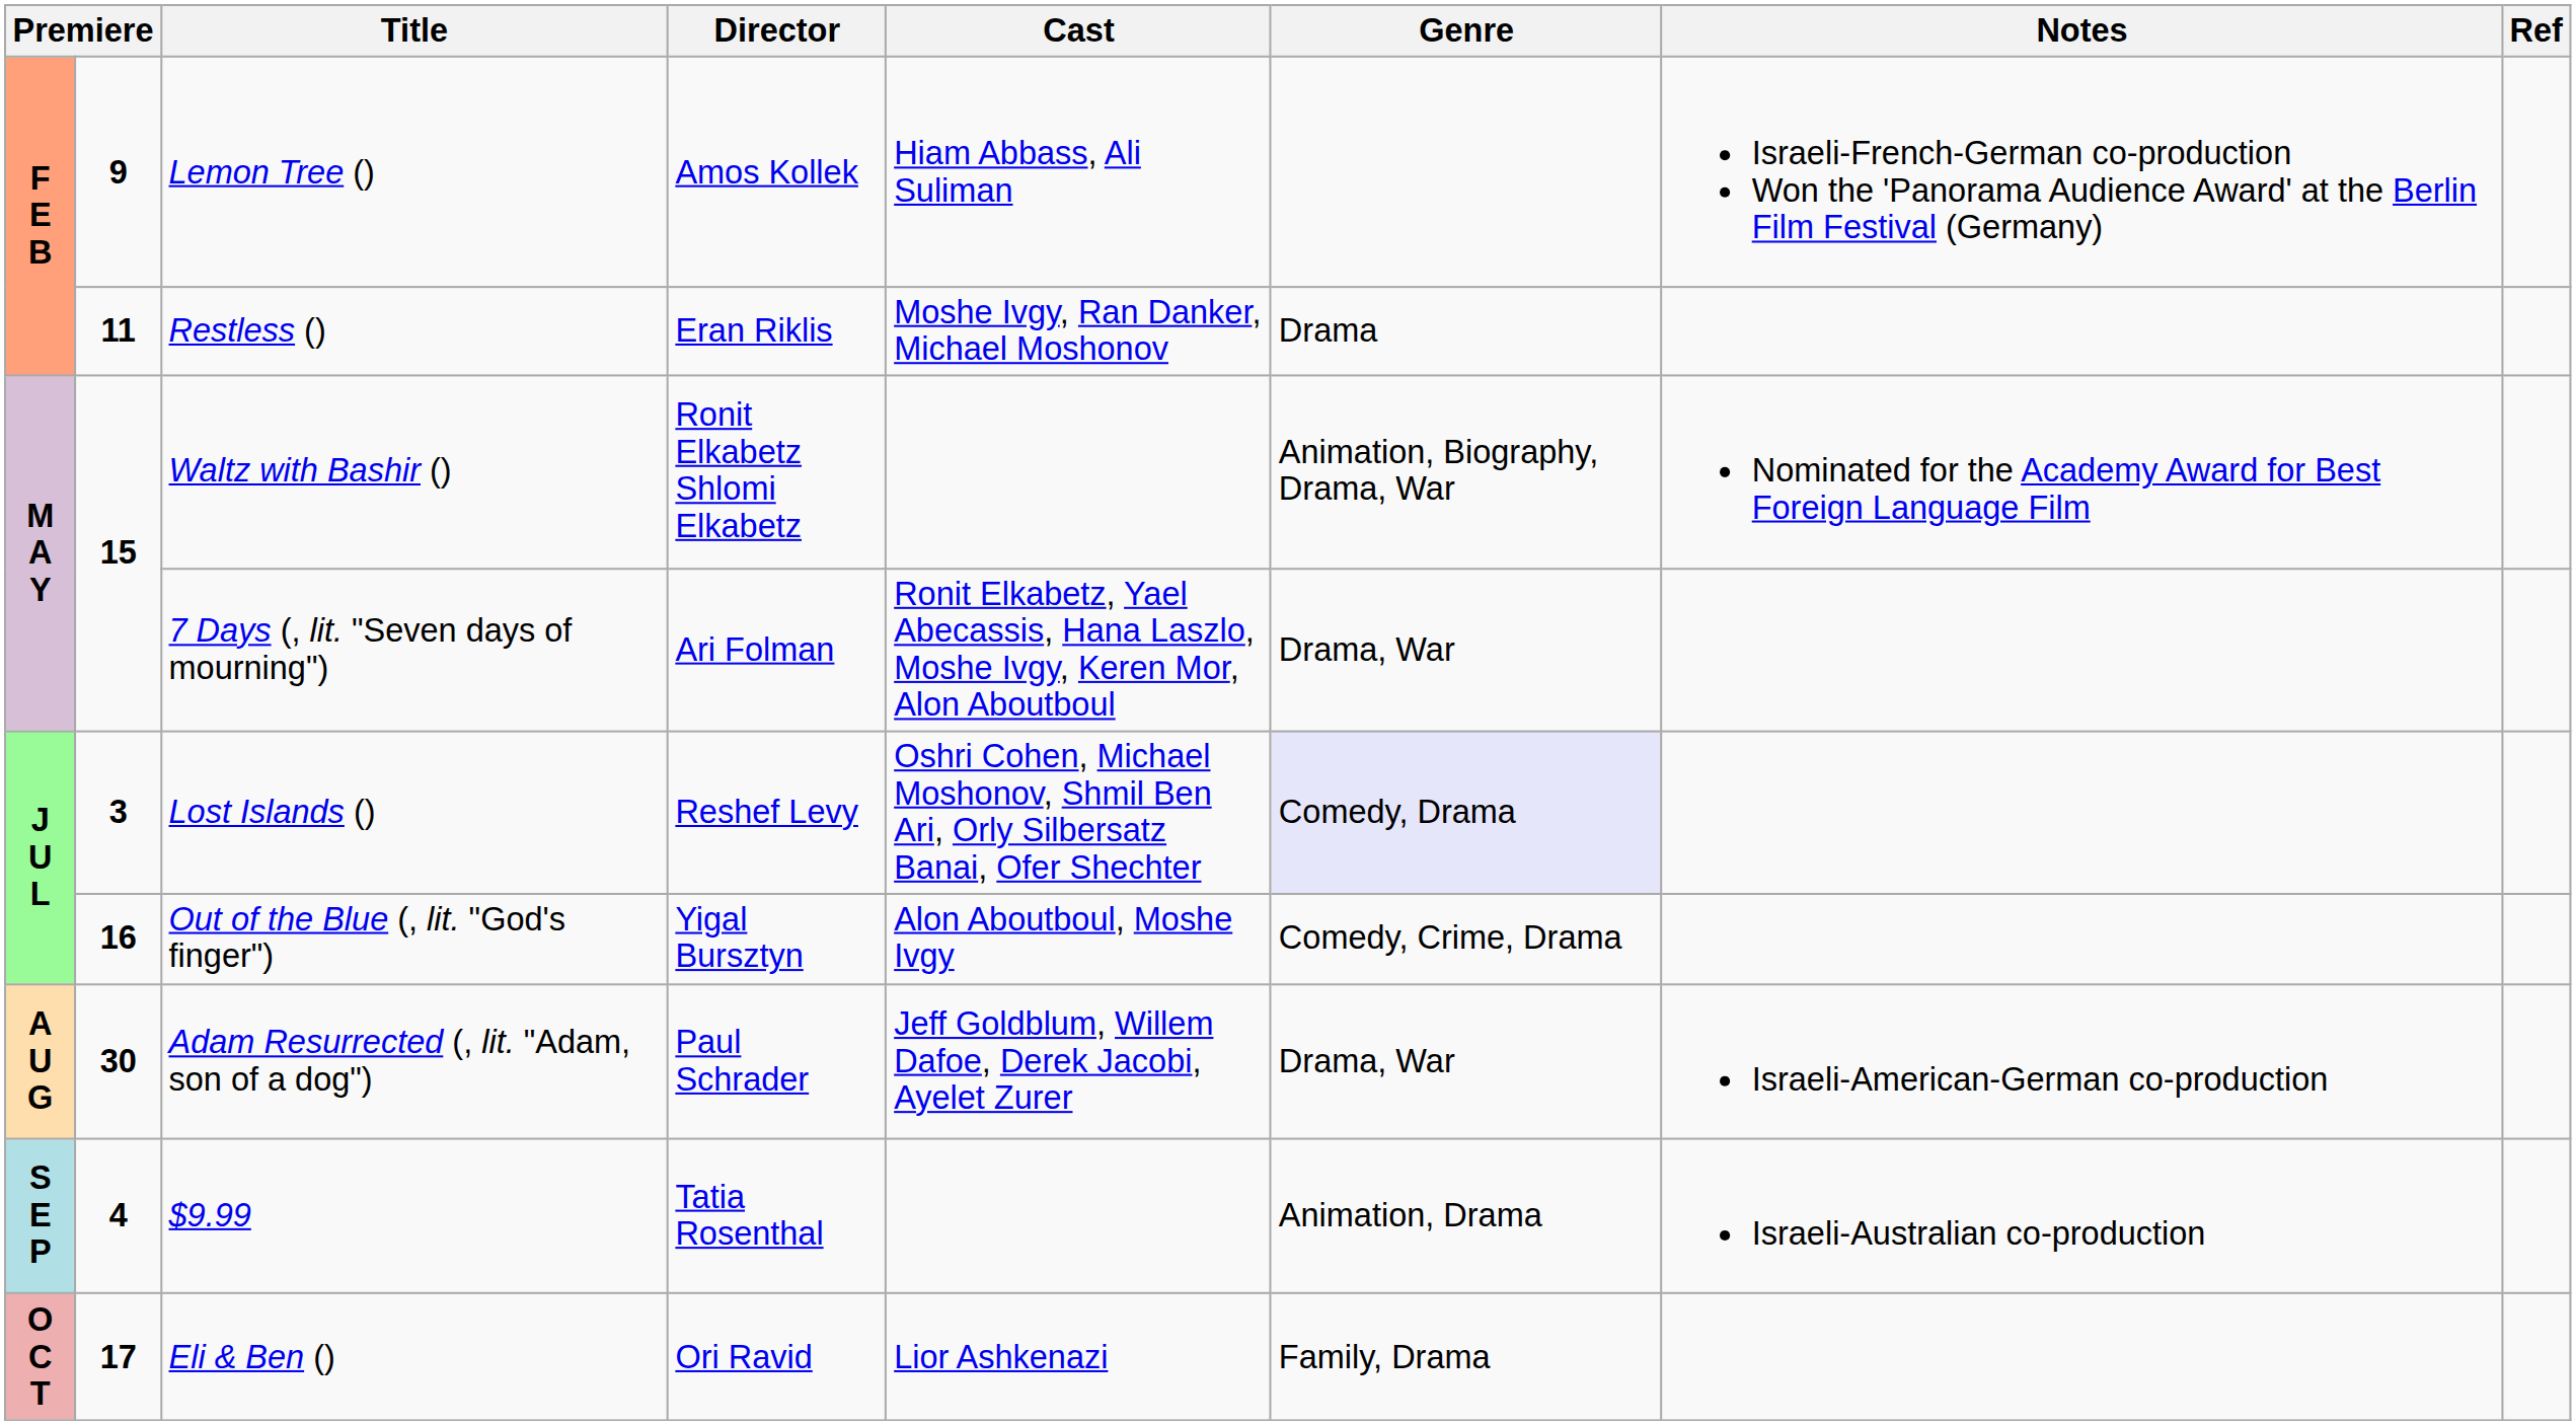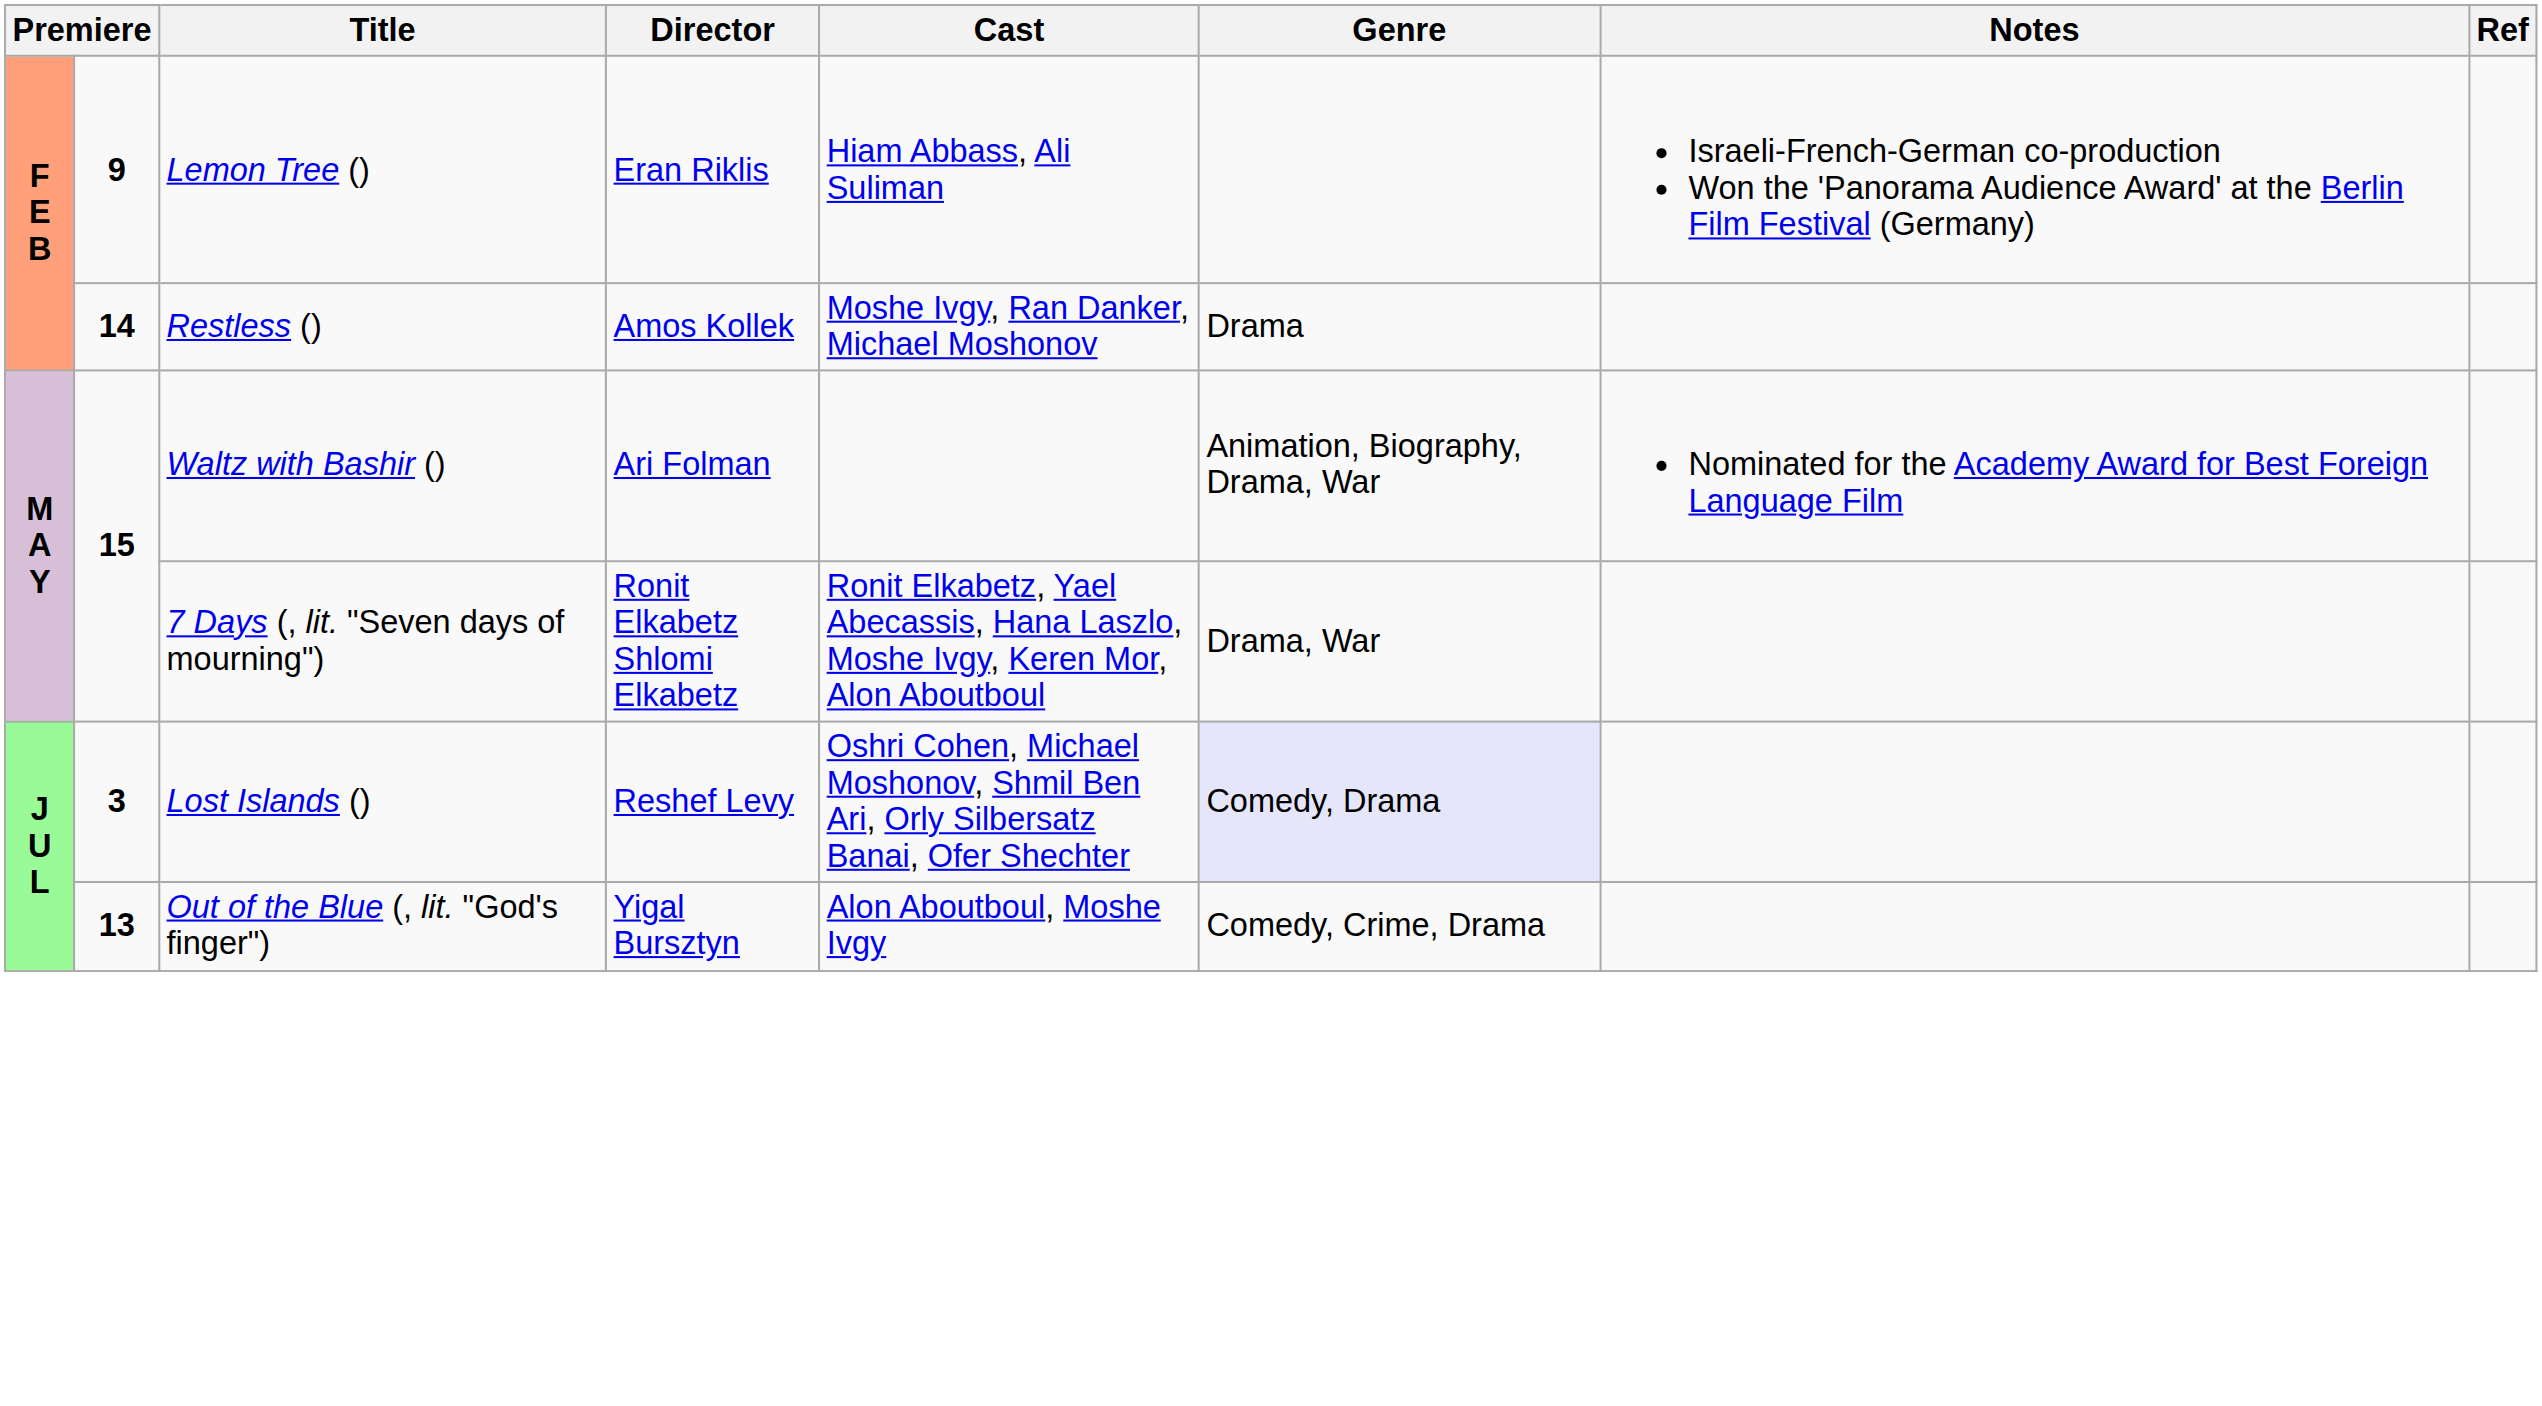 <table class="wikitable">
 <tr>
 <th colspan="2">Premiere</th>
 <th>Title</th>
 <th>Director</th>
 <th width=15%>Cast</th>
 <th>Genre</th>
 <th>Notes</th>
 <th>Ref</th>
 </tr>
 <tr>
 <td rowspan="2" valign="center" align="center" style="background:#FFA07A; textcolor:#000;"><strong>F<br>E<br>B</strong></td>
 <td rowspan="1" align="center"><strong>9</strong></td>
 <td><em><a href='#'>Lemon Tree</a></em> ()</td>
-<td><a href='#'>Amos Kollek</a></td>
+<td><a href='#'>Eran Riklis</a></td>
 <td><a href='#'>Hiam Abbass</a>, <a href='#'>Ali Suliman</a></td>
 <td></td>
 <td><br><ul><li>Israeli-French-German co-production</li><li>Won the 'Panorama Audience Award' at the <a href='#'>Berlin Film Festival</a> (Germany)</li></ul></td>
 <td></td>
 </tr>
 <tr>
-<td rowspan="1" align="center"><strong>11</strong></td>
+<td rowspan="1" align="center"><strong>14</strong></td>
 <td><em><a href='#'>Restless</a></em> ()</td>
-<td><a href='#'>Eran Riklis</a></td>
+<td><a href='#'>Amos Kollek</a></td>
 <td><a href='#'>Moshe Ivgy</a>, <a href='#'>Ran Danker</a>, <a href='#'>Michael Moshonov</a></td>
 <td>Drama</td>
 <td></td>
 <td></td>
 </tr>
 <tr>
 <td rowspan="2" valign="center" align="center" style="background:#D8BFD8; textcolor:#000;"><strong>M<br>A<br>Y</strong></td>
 <td rowspan="2" align="center"><strong>15</strong></td>
 <td><em><a href='#'>Waltz with Bashir</a></em> ()</td>
-<td><a href='#'>Ronit Elkabetz</a><br><a href='#'>Shlomi Elkabetz</a></td>
+<td><a href='#'>Ari Folman</a></td>
 <td></td>
 <td>Animation, Biography, Drama, War</td>
 <td><br><ul><li>Nominated for the <a href='#'>Academy Award for Best Foreign Language Film</a></li></ul></td>
 <td></td>
 </tr>
 <tr>
 <td><em><a href='#'>7 Days</a></em> (, <em>lit.</em> "Seven days of mourning")</td>
-<td><a href='#'>Ari Folman</a></td>
+<td><a href='#'>Ronit Elkabetz</a><br><a href='#'>Shlomi Elkabetz</a></td>
 <td><a href='#'>Ronit Elkabetz</a>, <a href='#'>Yael Abecassis</a>, <a href='#'>Hana Laszlo</a>, <a href='#'>Moshe Ivgy</a>, <a href='#'>Keren Mor</a>, <a href='#'>Alon Aboutboul</a></td>
 <td>Drama, War</td>
 <td></td>
 <td></td>
 </tr>
 <tr>
 <td rowspan="2" valign="center" align="center" style="background:#98FB98; textcolor:#000;"><strong>J<br>U<br>L</strong></td>
 <td rowspan="1" align="center"><strong>3</strong></td>
 <td><em><a href='#'>Lost Islands</a></em> ()</td>
 <td><a href='#'>Reshef Levy</a></td>
 <td><a href='#'>Oshri Cohen</a>, <a href='#'>Michael Moshonov</a>, <a href='#'>Shmil Ben Ari</a>, <a href='#'>Orly Silbersatz Banai</a>, <a href='#'>Ofer Shechter</a></td>
 <td style="background: lavender;">Comedy, Drama</td>
 <td></td>
 <td></td>
 </tr>
 <tr>
-<td rowspan="1" align="center"><strong>16</strong></td>
+<td rowspan="1" align="center"><strong>13</strong></td>
 <td><em><a href='#'>Out of the Blue</a></em> (, <em>lit.</em> "God's finger")</td>
 <td><a href='#'>Yigal Bursztyn</a></td>
 <td><a href='#'>Alon Aboutboul</a>, <a href='#'>Moshe Ivgy</a></td>
 <td>Comedy, Crime, Drama</td>
 <td></td>
 <td></td>
 </tr>
 <tr>
-<td rowspan="1" valign="center" align="center" style="background:#FFDEAD; textcolor:#000;"><strong>A<br>U<br>G</strong></td>
-<td rowspan="1" align="center"><strong>30</strong></td>
-<td><em><a href='#'>Adam Resurrected</a></em> (, <em>lit.</em> "Adam, son of a dog")</td>
-<td><a href='#'>Paul Schrader</a></td>
-<td><a href='#'>Jeff Goldblum</a>, <a href='#'>Willem Dafoe</a>, <a href='#'>Derek Jacobi</a>, <a href='#'>Ayelet Zurer</a></td>
-<td>Drama, War</td>
-<td><br><ul><li>Israeli-American-German co-production</li></ul></td>
-<td></td>
-</tr>
-<tr>
-<td rowspan="1" valign="center" align="center" style="background:#B0E0E6; textcolor:#000;"><strong>S<br>E<br>P</strong></td>
-<td rowspan="1" align="center"><strong>4</strong></td>
-<td><em><a href='#'>$9.99</a></em></td>
-<td><a href='#'>Tatia Rosenthal</a></td>
-<td></td>
-<td>Animation, Drama</td>
-<td><br><ul><li>Israeli-Australian co-production</li></ul></td>
-<td></td>
-</tr>
-<tr>
-<td rowspan="1" valign="center" align="center" style="background:#edafaf; textcolor:#000;"><strong>O<br>C<br>T</strong></td>
-<td rowspan="1" align="center"><strong>17</strong></td>
-<td><em><a href='#'>Eli & Ben</a></em> ()</td>
-<td><a href='#'>Ori Ravid</a></td>
-<td><a href='#'>Lior Ashkenazi</a></td>
-<td>Family, Drama</td>
-<td></td>
-<td></td>
-</tr>
-<tr>
 </tr>
 </table>
